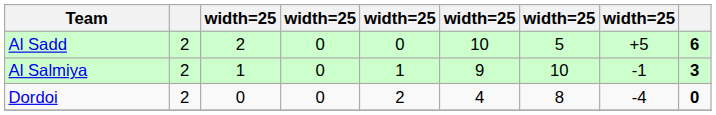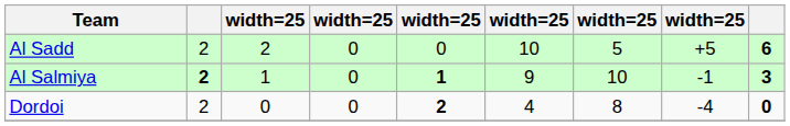 <table class="wikitable" style="text-align: center; font-size: 90%;">
 <tr>
 <th width="165">Team</th>
 <th width=25></th>
 <th>width=25</th>
 <th>width=25</th>
 <th>width=25</th>
 <th>width=25</th>
 <th>width=25</th>
 <th>width=25</th>
 <th width=25></th>
 </tr>
 <tr align=center bgcolor="ccffcc">
 <td style="text-align:left;"> <a href='#'>Al Sadd</a></td>
 <td>2</td>
 <td>2</td>
 <td>0</td>
 <td>0</td>
 <td>10</td>
 <td>5</td>
 <td>+5</td>
 <td><strong>6</strong></td>
 </tr>
 <tr align=center bgcolor="ccffcc">
 <td style="text-align:left;"> <a href='#'>Al Salmiya</a></td>
-<td>2</td>
+<td><strong>2</strong></td>
 <td>1</td>
 <td>0</td>
-<td>1</td>
+<td><strong>1</strong></td>
 <td>9</td>
 <td>10</td>
 <td>-1</td>
 <td><strong>3</strong></td>
 </tr>
 <tr>
 <td style="text-align:left;"> <a href='#'>Dordoi</a></td>
 <td>2</td>
 <td>0</td>
 <td>0</td>
-<td>2</td>
+<td><strong>2</strong></td>
 <td>4</td>
 <td>8</td>
 <td>-4</td>
 <td><strong>0</strong></td>
 </tr>
 <tr>
 </tr>
 </table>
